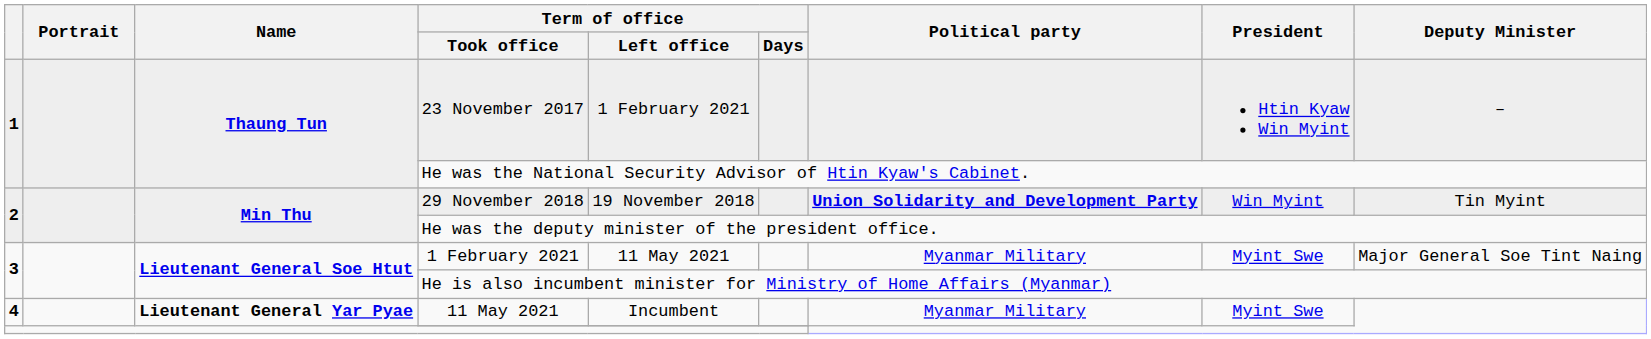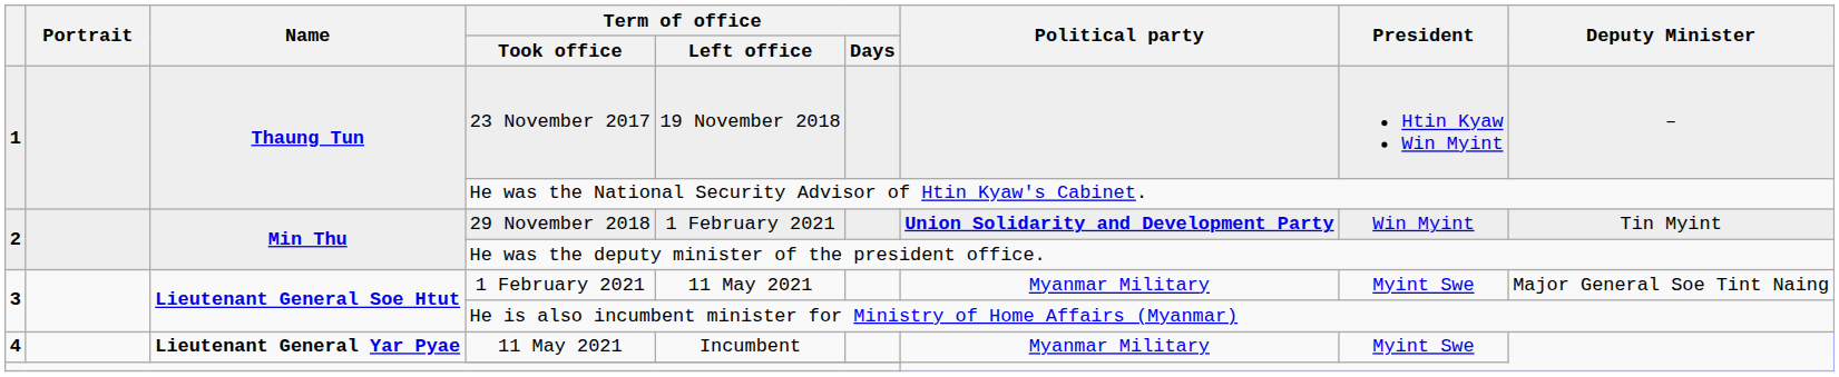 <table class="wikitable" style="text-align:center; width:100%; border:1px #AAAAFF solid">
 <tr>
 <th rowspan=2></th>
 <th width=80 rowspan=2>Portrait</th>
 <th rowspan=2>Name</th>
 <th colspan=3>Term of office</th>
 <th rowspan=2>Political party</th>
 <th rowspan=2 colspan=1>President</th>
 <th rowspan=2>Deputy Minister</th>
 </tr>
 <tr>
 <th>Took office</th>
 <th>Left office</th>
 <th>Days</th>
 </tr>
 <tr style="background:#EEEEEE">
 <td rowspan=2 style="background:"><strong>1</strong></td>
 <td rowspan=2></td>
 <td rowspan=2><strong><a href='#'>Thaung Tun</a></strong></td>
 <td>23 November 2017</td>
-<td>1 February 2021</td>
+<td>19 November 2018</td>
 <td></td>
 <td></td>
 <td><br><ul><li><a href='#'>Htin Kyaw</a></li><li><a href='#'>Win Myint</a></li></ul></td>
 <td>–</td>
 </tr>
 <tr>
 <td colspan="6" align="left">He was the National Security Advisor of <a href='#'>Htin Kyaw's Cabinet</a>.</td>
 </tr>
 <tr style="background:#EEEEEE">
 <td rowspan=2 style="background:"><strong>2</strong></td>
 <td rowspan=2></td>
 <td rowspan=2><strong><a href='#'>Min Thu</a></strong></td>
 <td>29 November 2018</td>
-<td>19 November 2018</td>
+<td>1 February 2021</td>
 <td></td>
 <td><strong><a href='#'>Union Solidarity and Development Party</a></strong></td>
 <td><a href='#'>Win Myint</a></td>
 <td>Tin Myint</td>
 </tr>
 <tr>
 <td colspan="6" align="left">He was the deputy minister of the president office.</td>
 </tr>
 <tr>
 <td rowspan=2! style="background:"><strong>3</strong></td>
 <td rowspan=2></td>
 <td rowspan=2><strong><a href='#'>Lieutenant General Soe Htut</a></strong></td>
 <td>1 February 2021</td>
 <td>11 May 2021</td>
 <td></td>
 <td><a href='#'>Myanmar Military</a></td>
 <td><a href='#'>Myint Swe</a> </td>
 <td>Major General Soe Tint Naing</td>
 </tr>
 <tr>
 <td colspan="6" align="left">He is also incumbent minister for <a href='#'>Ministry of Home Affairs (Myanmar)</a></td>
 </tr>
 <tr>
 <td rowspan=2! style="background:"><strong>4</strong></td>
 <td rowspan=2></td>
 <td rowspan=2><strong>Lieutenant General <a href='#'>Yar Pyae</a></strong></td>
 <td>11 May 2021</td>
 <td>Incumbent</td>
 <td></td>
 <td><a href='#'>Myanmar Military</a></td>
 <td><a href='#'>Myint Swe</a> </td>
 </tr>
 <tr>
 </tr>
 <tr>
 <td colspan="6" align="left"></td>
 </tr>
 </table>
